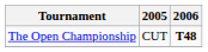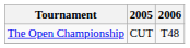 <table class="wikitable" style="font-size:95%;text-align:center;">
 <tr>
 <th>Tournament</th>
 <th>2005</th>
 <th>2006</th>
 </tr>
 <tr>
 <td align=left><a href='#'>The Open Championship</a></td>
 <td>CUT</td>
-<td><strong>T48</strong></td>
+<td>T48</td>
 </tr>
 <tr>
 </tr>
 </table>
